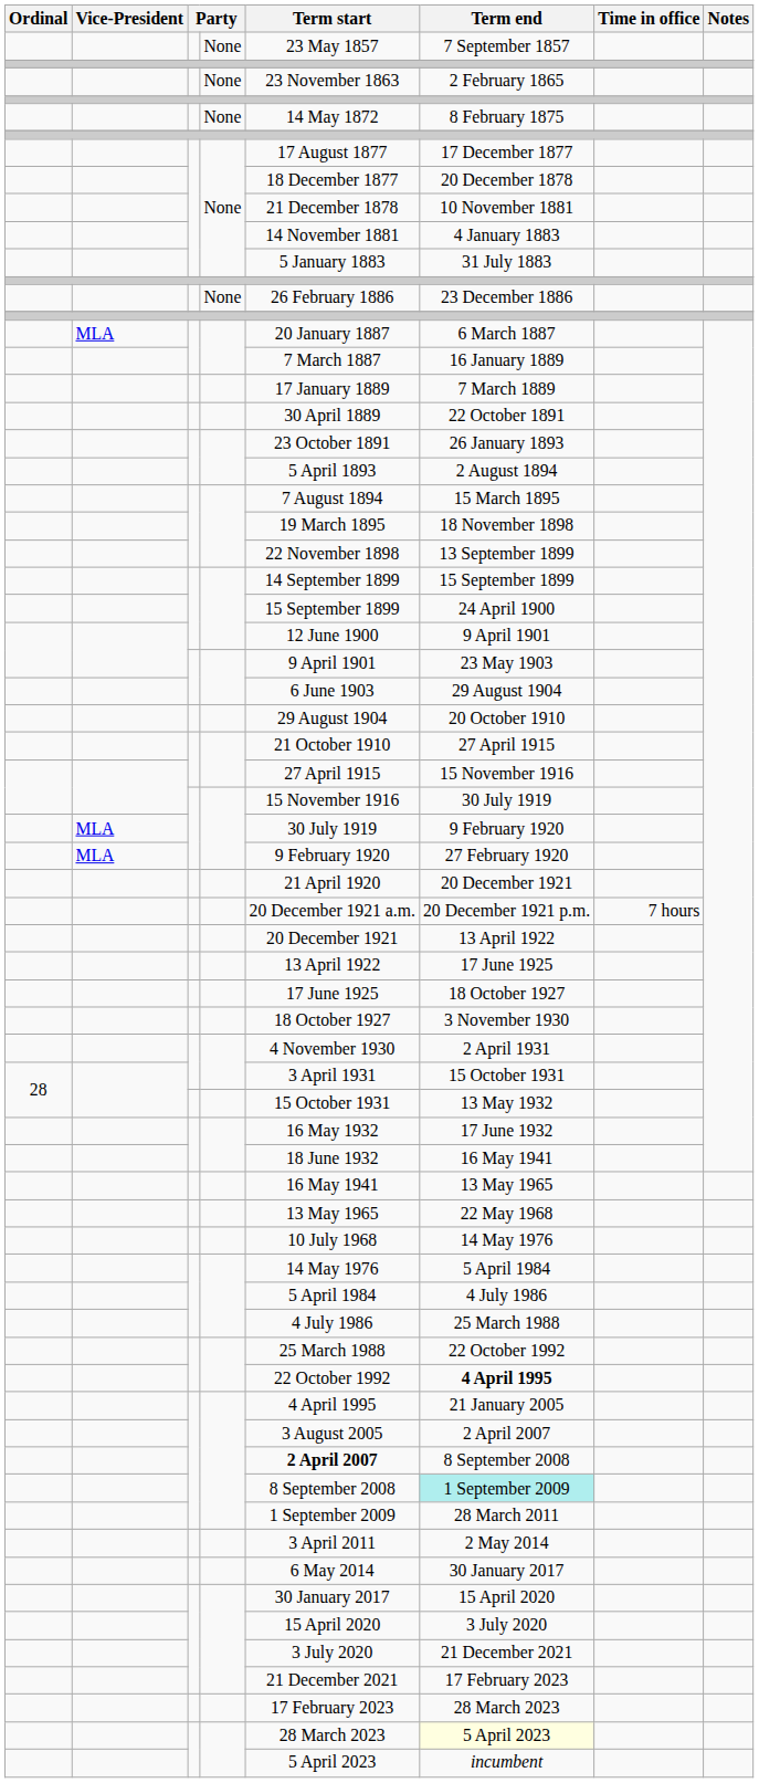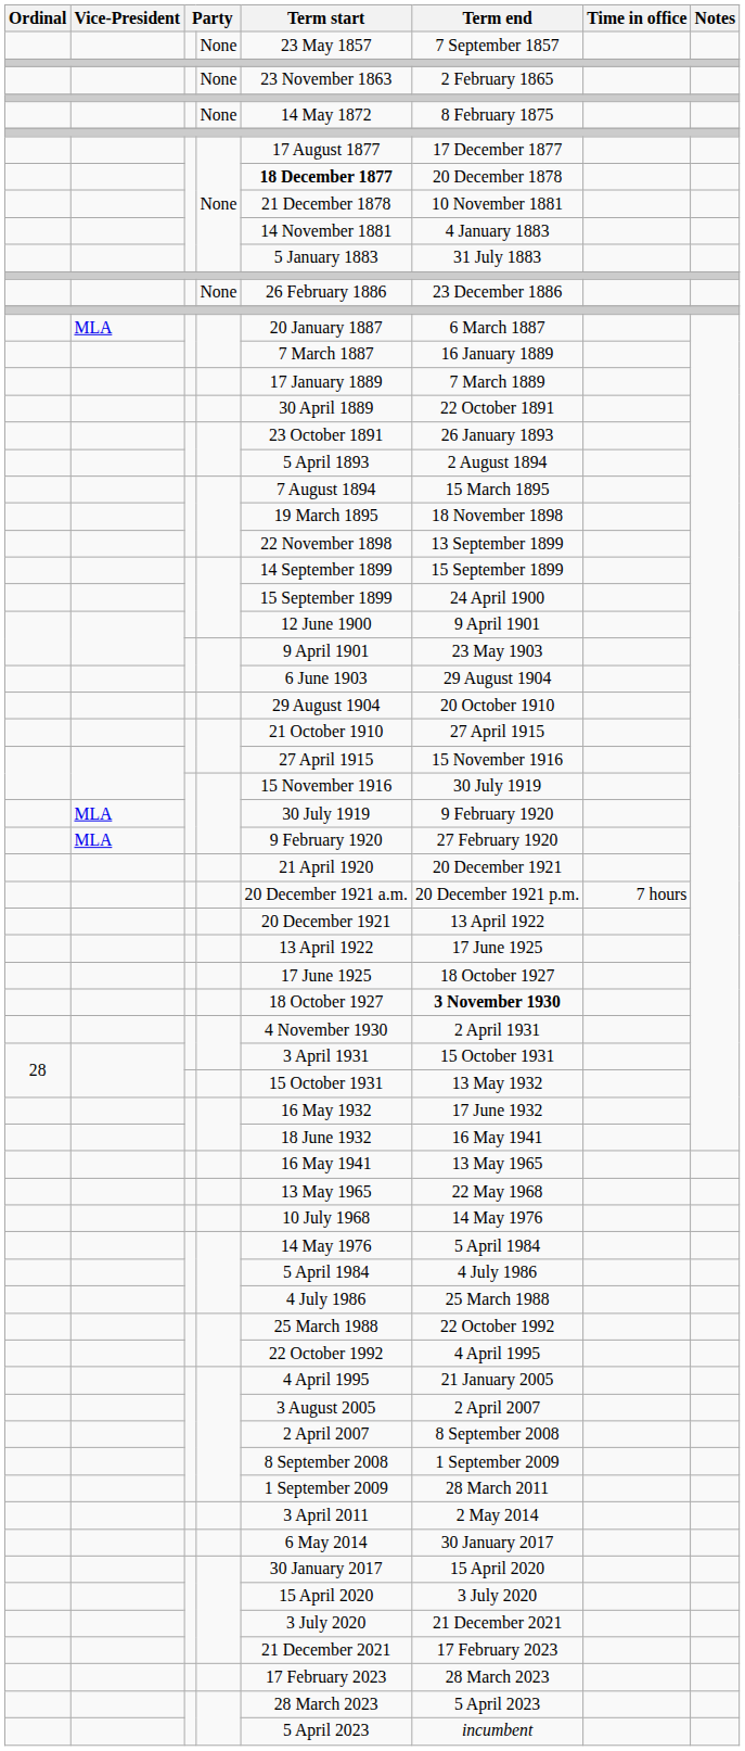 <table class="wikitable sortable">
 <tr>
 <th>Ordinal</th>
 <th>Vice-President</th>
 <th colspan="2">Party</th>
 <th>Term start</th>
 <th>Term end</th>
 <th>Time in office</th>
 <th class="unsortable">Notes</th>
 </tr>
 <tr>
 <td align=center></td>
 <td></td>
 <td></td>
 <td>None</td>
 <td align=center>23 May 1857</td>
 <td align=center>7 September 1857</td>
 <td align=right></td>
 <td></td>
 </tr>
 <tr>
 </tr>
 <tr>
 <th colspan="8" style="background: #cccccc;"></th>
 </tr>
 <tr>
 <td align=center></td>
 <td></td>
 <td></td>
 <td>None</td>
 <td align=center>23 November 1863</td>
 <td align=center>2 February 1865</td>
 <td align=right></td>
 <td></td>
 </tr>
 <tr>
 <th colspan="8" style="background: #cccccc;"></th>
 </tr>
 <tr>
 <td align=center></td>
 <td></td>
 <td></td>
 <td>None</td>
 <td align=center>14 May 1872</td>
 <td align=center>8 February 1875</td>
 <td align=right></td>
 <td></td>
 </tr>
 <tr>
 </tr>
 <tr>
 <th colspan="8" style="background: #cccccc;"></th>
 </tr>
 <tr>
 <td align=center></td>
 <td></td>
 <td rowspan="5"></td>
 <td rowspan="5">None</td>
 <td align=center>17 August 1877</td>
 <td align=center>17 December 1877</td>
 <td align=right></td>
 <td></td>
 </tr>
 <tr>
 <td align=center></td>
 <td></td>
-<td align=center>18 December 1877</td>
+<td align=center><strong>18 December 1877</strong></td>
 <td align=center>20 December 1878</td>
 <td align=right></td>
 <td></td>
 </tr>
 <tr>
 <td align=center></td>
 <td></td>
 <td align=center>21 December 1878</td>
 <td align=center>10 November 1881</td>
 <td align=right></td>
 <td></td>
 </tr>
 <tr>
 <td align=center></td>
 <td></td>
 <td align=center>14 November 1881</td>
 <td align=center>4 January 1883</td>
 <td align=right></td>
 <td></td>
 </tr>
 <tr>
 <td align=center></td>
 <td></td>
 <td align=center>5 January 1883</td>
 <td align=center>31 July 1883</td>
 <td align=right></td>
 <td></td>
 </tr>
 <tr>
 </tr>
 <tr>
 <th colspan="8" style="background: #cccccc;"></th>
 </tr>
 <tr>
 <td align=center></td>
 <td></td>
 <td></td>
 <td>None</td>
 <td align=center>26 February 1886</td>
 <td align=center>23 December 1886</td>
 <td align=right></td>
 <td></td>
 </tr>
 <tr>
 </tr>
 <tr>
 <th colspan="8" style="background: #cccccc;"></th>
 </tr>
 <tr>
 <td align=center></td>
 <td> <a href='#'>MLA</a></td>
 <td rowspan="2" > </td>
 <td rowspan="2"></td>
 <td align=center>20 January 1887</td>
 <td align=center>6 March 1887</td>
 <td align=right></td>
 </tr>
 <tr>
 <td align=center></td>
 <td></td>
 <td align=center>7 March 1887</td>
 <td align=center>16 January 1889</td>
 <td align=right></td>
 </tr>
 <tr>
 <td align=center></td>
 <td></td>
 <td> </td>
 <td></td>
 <td align=center>17 January 1889</td>
 <td align=center>7 March 1889</td>
 <td align=right></td>
 </tr>
 <tr>
 <td align=center></td>
 <td></td>
 <td> </td>
 <td></td>
 <td align=center>30 April 1889</td>
 <td align=center>22 October 1891</td>
 <td align=right></td>
 </tr>
 <tr>
 <td align=center></td>
 <td></td>
 <td rowspan="2" > </td>
 <td rowspan="2"></td>
 <td align=center>23 October 1891</td>
 <td align=center>26 January 1893</td>
 <td align=right></td>
 </tr>
 <tr>
 <td align=center></td>
 <td></td>
 <td align=center>5 April 1893</td>
 <td align=center>2 August 1894</td>
 <td align=right></td>
 </tr>
 <tr>
 <td align=center></td>
 <td></td>
 <td rowspan="3" > </td>
 <td rowspan="3"></td>
 <td align=center>7 August 1894</td>
 <td align=center>15 March 1895</td>
 <td align=right></td>
 </tr>
 <tr>
 <td align=center></td>
 <td></td>
 <td align=center>19 March 1895</td>
 <td align=center>18 November 1898</td>
 <td align=right></td>
 </tr>
 <tr>
 <td align=center></td>
 <td></td>
 <td align=center>22 November 1898</td>
 <td align=center>13 September 1899</td>
 <td align=right></td>
 </tr>
 <tr>
 <td align=center></td>
 <td></td>
 <td rowspan="3" > </td>
 <td rowspan="3"></td>
 <td align=center>14 September 1899</td>
 <td align=center>15 September 1899</td>
 <td align=right></td>
 </tr>
 <tr>
 <td align=center></td>
 <td></td>
 <td align=center>15 September 1899</td>
 <td align=center>24 April 1900</td>
 <td align=right></td>
 </tr>
 <tr>
 <td align=center rowspan="2"></td>
 <td rowspan="2"></td>
 <td align=center>12 June 1900</td>
 <td align=center>9 April 1901</td>
 <td align=right></td>
 </tr>
 <tr>
 <td rowspan="2" > </td>
 <td rowspan="2"></td>
 <td align=center>9 April 1901</td>
 <td align=center>23 May 1903</td>
 <td align=right></td>
 </tr>
 <tr>
 <td align=center></td>
 <td></td>
 <td align=center>6 June 1903</td>
 <td align=center>29 August 1904</td>
 <td align=right></td>
 </tr>
 <tr>
 <td align=center></td>
 <td></td>
 <td> </td>
 <td></td>
 <td align=center>29 August 1904</td>
 <td align=center>20 October 1910</td>
 <td align=right></td>
 </tr>
 <tr>
 <td align=center></td>
 <td></td>
 <td rowspan="2" > </td>
 <td rowspan="2"></td>
 <td align=center>21 October 1910</td>
 <td align=center>27 April 1915</td>
 <td align=right></td>
 </tr>
 <tr>
 <td align=center rowspan="2"></td>
 <td rowspan="2"></td>
 <td align=center>27 April 1915</td>
 <td align=center>15 November 1916</td>
 <td align=right></td>
 </tr>
 <tr>
 <td rowspan="3" > </td>
 <td rowspan="3"></td>
 <td align=center>15 November 1916</td>
 <td align=center>30 July 1919</td>
 <td align=right></td>
 </tr>
 <tr>
 <td align=center></td>
 <td> <a href='#'>MLA</a></td>
 <td align=center>30 July 1919</td>
 <td align=center>9 February 1920</td>
 <td align=right></td>
 </tr>
 <tr>
 <td align=center></td>
 <td> <a href='#'>MLA</a></td>
 <td align=center>9 February 1920</td>
 <td align=center>27 February 1920</td>
 <td align=right></td>
 </tr>
 <tr>
 <td align=center></td>
 <td></td>
 <td> </td>
 <td></td>
 <td align=center>21 April 1920</td>
 <td align=center>20 December 1921</td>
 <td align=right></td>
 </tr>
 <tr>
 <td align=center></td>
 <td></td>
 <td> </td>
 <td></td>
 <td align=center data-sort-value="20 December 1921">20 December 1921 a.m.</td>
 <td align=center data-sort-value="20 December 1921">20 December 1921 p.m.</td>
 <td align=right> 7 hours</td>
 </tr>
 <tr>
 <td align=center></td>
 <td></td>
 <td> </td>
 <td></td>
 <td align=center>20 December 1921</td>
 <td align=center>13 April 1922</td>
 <td align=right></td>
 </tr>
 <tr>
 <td align=center></td>
 <td></td>
 <td> </td>
 <td></td>
 <td align=center>13 April 1922</td>
 <td align=center>17 June 1925</td>
 <td align=right></td>
 </tr>
 <tr>
 <td align=center></td>
 <td></td>
 <td> </td>
 <td></td>
 <td align=center>17 June 1925</td>
 <td align=center>18 October 1927</td>
 <td align=right></td>
 </tr>
 <tr>
 <td align=center></td>
 <td></td>
 <td> </td>
 <td></td>
 <td align=center>18 October 1927</td>
-<td align=center>3 November 1930</td>
+<td align=center><strong>3 November 1930</strong></td>
 <td align=right></td>
 </tr>
 <tr>
 <td align=center></td>
 <td></td>
 <td rowspan="2" > </td>
 <td rowspan="2"></td>
 <td align=center>4 November 1930</td>
 <td align=center>2 April 1931</td>
 <td align=right></td>
 </tr>
 <tr>
 <td align=center rowspan="2">28</td>
 <td rowspan="2"></td>
 <td align=center>3 April 1931</td>
 <td align=center>15 October 1931</td>
 <td align=right></td>
 </tr>
 <tr>
 <td> </td>
 <td></td>
 <td align=center>15 October 1931</td>
 <td align=center>13 May 1932</td>
 <td align=right></td>
 </tr>
 <tr>
 <td align=center></td>
 <td></td>
 <td rowspan="2" > </td>
 <td rowspan="2"></td>
 <td align=center>16 May 1932</td>
 <td align=center>17 June 1932</td>
 <td align=right></td>
 </tr>
 <tr>
 <td align=center></td>
 <td></td>
 <td align=center>18 June 1932</td>
 <td align=center>16 May 1941</td>
 <td align=right></td>
 </tr>
 <tr>
 <td align=center></td>
 <td></td>
 <td> </td>
 <td></td>
 <td align=center>16 May 1941</td>
 <td align=center>13 May 1965</td>
 <td align=right><strong></strong></td>
 <td></td>
 </tr>
 <tr>
 <td align=center></td>
 <td></td>
 <td> </td>
 <td></td>
 <td align=center>13 May 1965</td>
 <td align=center>22 May 1968</td>
 <td align=right></td>
 <td></td>
 </tr>
 <tr>
 <td align=center></td>
 <td></td>
 <td> </td>
 <td></td>
 <td align=center>10 July 1968</td>
 <td align=center>14 May 1976</td>
 <td align=right></td>
 <td></td>
 </tr>
 <tr>
 <td align=center></td>
 <td></td>
 <td rowspan="3" > </td>
 <td rowspan="3"></td>
 <td align=center>14 May 1976</td>
 <td align=center>5 April 1984</td>
 <td align=right></td>
 <td></td>
 </tr>
 <tr>
 <td align=center></td>
 <td></td>
 <td align=center>5 April 1984</td>
 <td align=center>4 July 1986</td>
 <td align=right></td>
 <td></td>
 </tr>
 <tr>
 <td align=center></td>
 <td></td>
 <td align=center>4 July 1986</td>
 <td align=center>25 March 1988</td>
 <td align=right></td>
 <td></td>
 </tr>
 <tr>
 <td align=center></td>
 <td></td>
 <td rowspan="2" > </td>
 <td rowspan="2"></td>
 <td align=center>25 March 1988</td>
 <td align=center>22 October 1992</td>
 <td align=right></td>
 <td></td>
 </tr>
 <tr>
 <td align=center></td>
 <td></td>
 <td align=center>22 October 1992</td>
-<td align=center><strong>4 April 1995</strong></td>
+<td align=center>4 April 1995</td>
 <td align=right></td>
 <td></td>
 </tr>
 <tr>
 <td align=center></td>
 <td></td>
 <td rowspan="5" > </td>
 <td rowspan="5"></td>
 <td align=center>4 April 1995</td>
 <td align=center>21 January 2005</td>
 <td align=right></td>
 <td></td>
 </tr>
 <tr>
 <td align=center></td>
 <td></td>
 <td align=center>3 August 2005</td>
 <td align=center>2 April 2007</td>
 <td align=right></td>
 <td></td>
 </tr>
 <tr>
 <td align=center></td>
 <td></td>
-<td align=center><strong>2 April 2007</strong></td>
+<td align=center>2 April 2007</td>
 <td align=center>8 September 2008</td>
 <td align=right></td>
 <td></td>
 </tr>
 <tr>
 <td align=center></td>
 <td></td>
 <td align=center>8 September 2008</td>
-<td align=center style="background: paleturquoise;">1 September 2009</td>
+<td align=center>1 September 2009</td>
 <td align=right></td>
 <td></td>
 </tr>
 <tr>
 <td align=center></td>
 <td></td>
 <td align=center>1 September 2009</td>
 <td align=center>28 March 2011</td>
 <td align=right></td>
 <td></td>
 </tr>
 <tr>
 <td align=center></td>
 <td></td>
 <td> </td>
 <td></td>
 <td align=center>3 April 2011</td>
 <td align=center>2 May 2014</td>
 <td align=right></td>
 <td></td>
 </tr>
 <tr>
 <td align=center></td>
 <td></td>
 <td> </td>
 <td></td>
 <td align=center>6 May 2014</td>
 <td align=center>30 January 2017</td>
 <td align=right></td>
 <td></td>
 </tr>
 <tr>
 <td align=center></td>
 <td></td>
 <td rowspan="4" > </td>
 <td rowspan="4"></td>
 <td align=center>30 January 2017</td>
 <td align=center>15 April 2020</td>
 <td align=right></td>
 <td></td>
 </tr>
 <tr>
 <td align=center></td>
 <td></td>
 <td align=center>15 April 2020</td>
 <td align=center>3 July 2020</td>
 <td align=right></td>
 <td></td>
 </tr>
 <tr>
 <td align=center></td>
 <td></td>
 <td align=center>3 July 2020</td>
 <td align=center>21 December 2021</td>
 <td align=right></td>
 <td></td>
 </tr>
 <tr>
 <td align=center></td>
 <td></td>
 <td align=center>21 December 2021</td>
 <td align=center>17 February 2023</td>
 <td align=right></td>
 <td></td>
 </tr>
 <tr>
 <td align=center></td>
 <td></td>
 <td> </td>
 <td></td>
 <td align=center>17 February 2023</td>
 <td align=center>28 March 2023</td>
 <td align=right></td>
 <td></td>
 </tr>
 <tr>
 <td align=center></td>
 <td></td>
 <td rowspan="2" > </td>
 <td rowspan="2"></td>
 <td align=center>28 March 2023</td>
-<td align=center style="background: lightyellow;">5 April 2023</td>
+<td align=center>5 April 2023</td>
 <td align=right></td>
 <td></td>
 </tr>
 <tr>
 <td align=center></td>
 <td></td>
 <td align=center>5 April 2023</td>
 <td align=center><em>incumbent</em></td>
 <td align=right></td>
 <td></td>
 </tr>
 </table>
